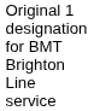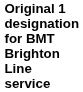 <table style="width:90px;">
 <tr>
 <td></td>
 </tr>
 <tr>
-<td><div>Original 1 designation for BMT Brighton Line service</div></td>
+<td><strong><div>Original 1 designation for BMT Brighton Line service</div></strong></td>
 </tr>
 </table>
